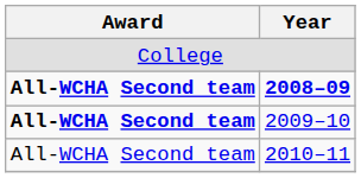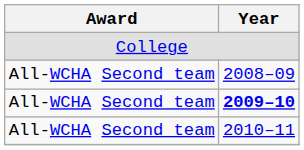 <table class="wikitable">
 <tr>
 <th>Award</th>
 <th>Year</th>
 </tr>
 <tr ALIGN="center" bgcolor="#e0e0e0">
 <td colspan="3"><a href='#'>College</a></td>
 </tr>
 <tr>
-<td><strong>All-<a href='#'>WCHA</a> <a href='#'>Second team</a></strong></td>
-<td><strong><a href='#'>2008–09</a></strong></td>
+<td>All-<a href='#'>WCHA</a> <a href='#'>Second team</a></td>
+<td><a href='#'>2008–09</a></td>
 </tr>
 <tr>
-<td><strong>All-<a href='#'>WCHA</a> <a href='#'>Second team</a></strong></td>
-<td><a href='#'>2009–10</a></td>
+<td>All-<a href='#'>WCHA</a> <a href='#'>Second team</a></td>
+<td><strong><a href='#'>2009–10</a></strong></td>
 </tr>
 <tr>
 <td>All-<a href='#'>WCHA</a> <a href='#'>Second team</a></td>
 <td><a href='#'>2010–11</a></td>
 </tr>
 <tr>
 </tr>
 </table>
